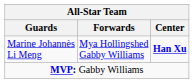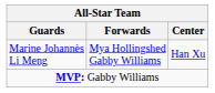 <table class=wikitable style="margin:auto">
 <tr>
 <th colspan=3 align=center>All-Star Team</th>
 </tr>
 <tr>
 <th>Guards</th>
 <th>Forwards</th>
 <th>Center</th>
 </tr>
 <tr>
 <td> <a href='#'>Marine Johannès</a><br> <a href='#'>Li Meng</a></td>
 <td valign=center> <a href='#'>Mya Hollingshed</a><br> <a href='#'>Gabby Williams</a></td>
-<td><strong> <a href='#'>Han Xu</a></strong></td>
+<td> <a href='#'>Han Xu</a></td>
 </tr>
 <tr>
 <td colspan=3 align=center><strong><a href='#'>MVP</a>:</strong>  Gabby Williams</td>
 </tr>
 </table>
